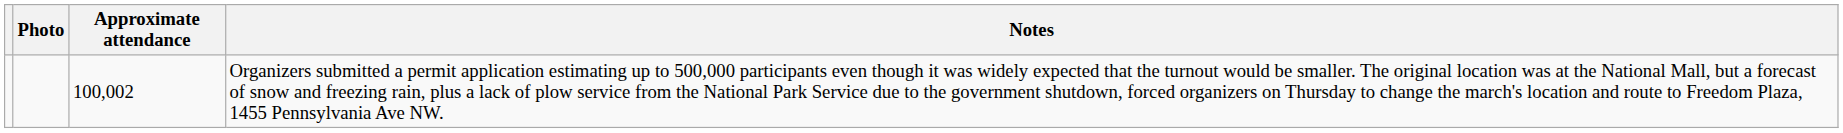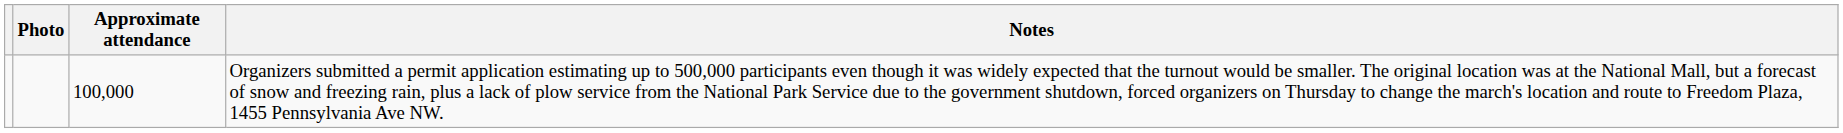 <table class="wikitable sortable">
 <tr>
 <th scope="col"></th>
 <th scope="col" class="unsortable">Photo</th>
 <th scope="col" data-sort-type="number">Approximate attendance</th>
 <th scope="col" class="unsortable">Notes</th>
 </tr>
 <tr>
 <td><div></div></td>
 <td></td>
-<td>100,002</td>
+<td>100,000</td>
 <td>Organizers submitted a permit application estimating up to 500,000 participants even though it was widely expected that the turnout would be smaller.  The original location was at the National Mall, but a forecast of snow and freezing rain, plus a lack of plow service from the National Park Service due to the government shutdown, forced organizers on Thursday to change the march's location and route to Freedom Plaza, 1455 Pennsylvania Ave NW.</td>
 </tr>
 </table>
